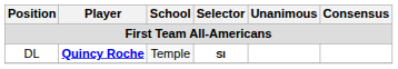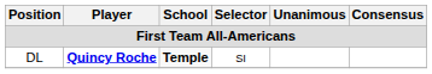 <table class="wikitable" border="0">
 <tr>
 <th>Position</th>
 <th>Player</th>
 <th>School</th>
 <th>Selector</th>
 <th>Unanimous</th>
 <th>Consensus</th>
 </tr>
 <tr>
 <td colspan="6" style="text-align:center; background:#ddd;"><strong>First Team All-Americans</strong></td>
 </tr>
 <tr style="text-align:center;">
 <td style="background:white">DL</td>
 <td style="background:white"><strong><a href='#'>Quincy Roche</a></strong></td>
-<td style=>Temple</td>
-<td style="background:white"><strong><small>SI</small></strong></td>
+<td style=><strong>Temple</strong></td>
+<td style="background:white"><small>SI</small></td>
 <td style="background:white"></td>
 <td style="background:white"></td>
 </tr>
 <tr style="text-align:center;">
 </tr>
 </table>
